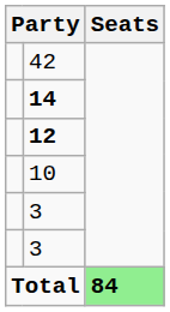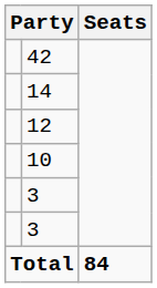 <table class="wikitable">
 <tr>
 <th colspan=2>Party</th>
 <th>Seats</th>
 </tr>
 <tr>
 <td></td>
 <td>42</td>
 </tr>
 <tr>
 <td></td>
-<td><strong>14</strong></td>
+<td>14</td>
 </tr>
 <tr>
 <td></td>
-<td><strong>12</strong></td>
+<td>12</td>
 </tr>
 <tr>
 <td></td>
 <td>10</td>
 </tr>
 <tr>
 <td></td>
 <td>3</td>
 </tr>
 <tr>
 <td></td>
 <td>3</td>
 </tr>
 <tr>
 <td colspan="2"><strong>Total</strong></td>
-<td style="background: lightgreen;"><strong>84</strong></td>
+<td><strong>84</strong></td>
 </tr>
 </table>
